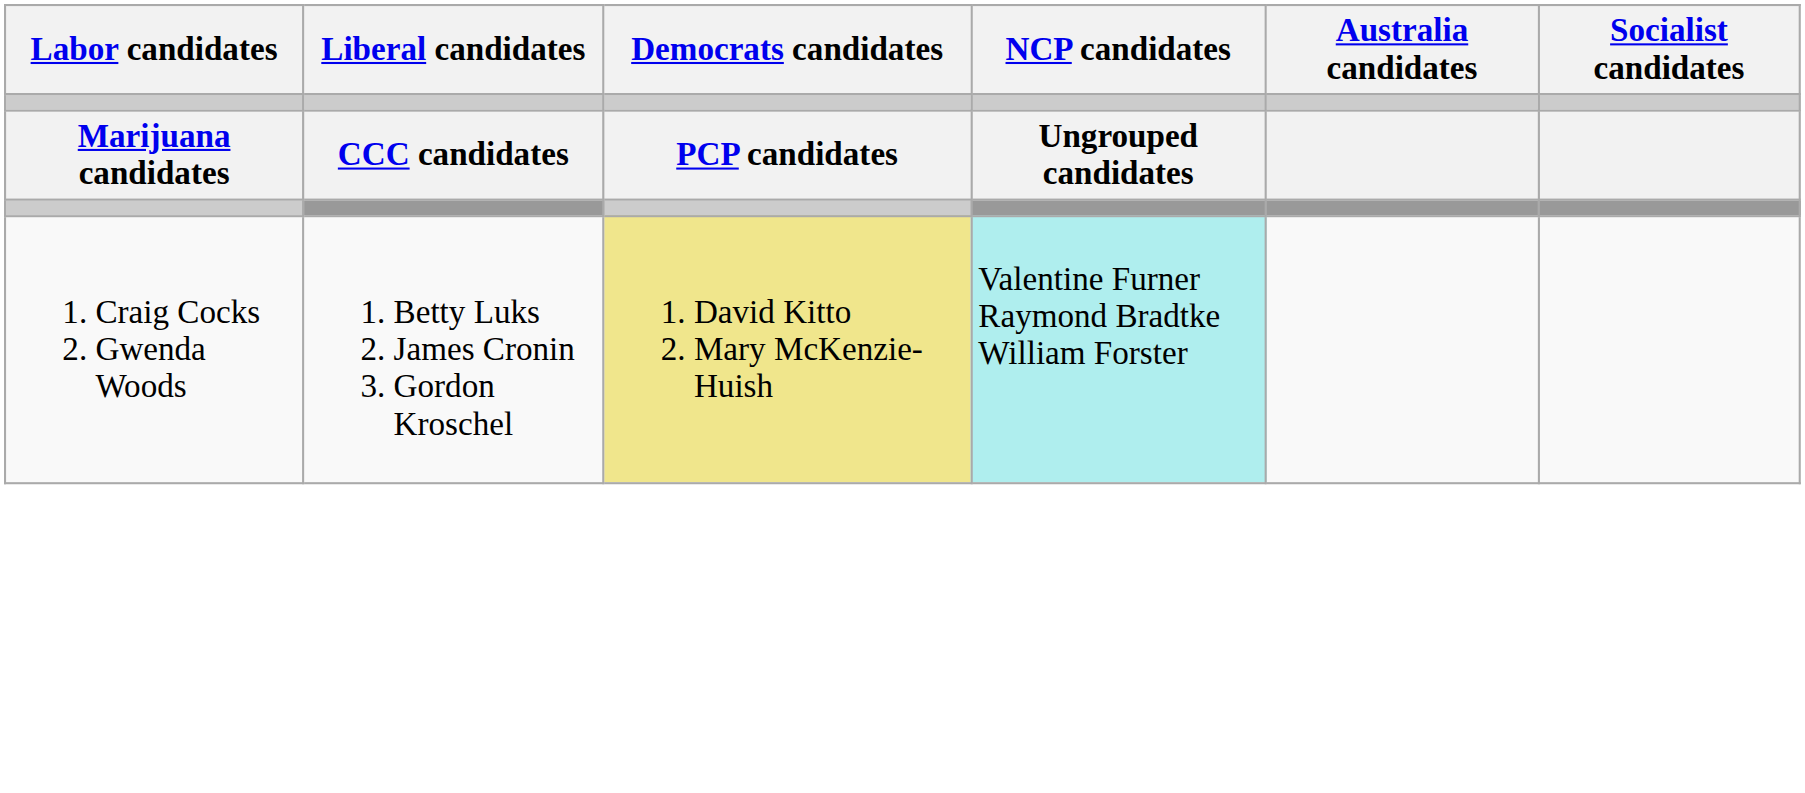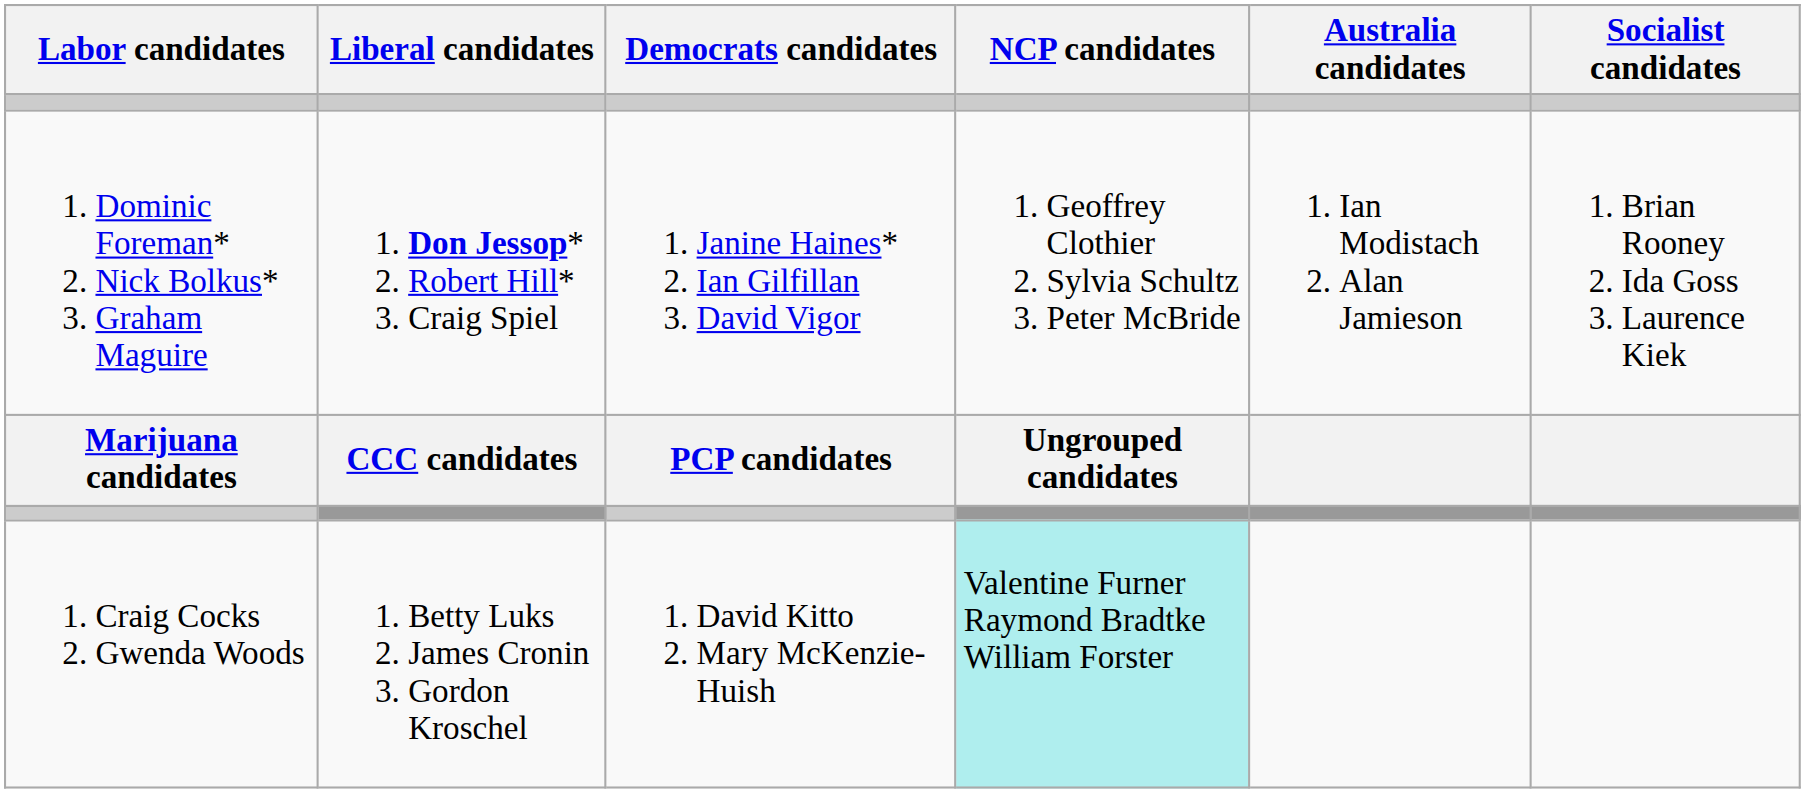 <table class="wikitable">
 <tr>
 <th><a href='#'>Labor</a> candidates</th>
 <th><a href='#'>Liberal</a> candidates</th>
 <th><a href='#'>Democrats</a> candidates</th>
 <th><a href='#'>NCP</a> candidates</th>
 <th><a href='#'>Australia</a> candidates</th>
 <th><a href='#'>Socialist</a> candidates</th>
 </tr>
 <tr bgcolor="#cccccc">
 <td></td>
 <td></td>
 <td></td>
 <td></td>
 <td></td>
 <td></td>
+</tr>
+<tr>
+<td><br><ol><li><a href='#'>Dominic Foreman</a>*</li><li><a href='#'>Nick Bolkus</a>*</li><li><a href='#'>Graham Maguire</a></li></ol></td>
+<td><br><ol><li><strong><a href='#'>Don Jessop</a></strong>*</li><li><a href='#'>Robert Hill</a>*</li><li>Craig Spiel</li></ol></td>
+<td><br><ol><li><a href='#'>Janine Haines</a>*</li><li><a href='#'>Ian Gilfillan</a></li><li><a href='#'>David Vigor</a></li></ol></td>
+<td valign=top><br><ol><li>Geoffrey Clothier</li><li>Sylvia Schultz</li><li>Peter McBride</li></ol></td>
+<td valign=top><br><ol><li>Ian Modistach</li><li>Alan Jamieson</li></ol></td>
+<td valign=top><br><ol><li>Brian Rooney</li><li>Ida Goss</li><li>Laurence Kiek</li></ol></td>
 </tr>
 <tr bgcolor="#cccccc">
 <th><a href='#'>Marijuana</a> candidates</th>
 <th><a href='#'>CCC</a> candidates</th>
 <th><a href='#'>PCP</a> candidates</th>
 <th>Ungrouped candidates</th>
 <th></th>
 <th></th>
 </tr>
 <tr bgcolor="#cccccc">
 <td></td>
 <td bgcolor="#999999"></td>
 <td></td>
 <td bgcolor="#999999"></td>
 <td bgcolor="#999999"></td>
 <td bgcolor="#999999"></td>
 </tr>
 <tr>
 <td valign=top><br><ol><li>Craig Cocks</li><li>Gwenda Woods</li></ol></td>
 <td valign=top><br><ol><li>Betty Luks</li><li>James Cronin</li><li>Gordon Kroschel</li></ol></td>
-<td valign=top style="background: khaki;"><br><ol><li>David Kitto</li><li>Mary McKenzie-Huish</li></ol></td>
+<td valign=top><br><ol><li>David Kitto</li><li>Mary McKenzie-Huish</li></ol></td>
 <td valign=top style="background: paleturquoise;"><br>Valentine Furner<br> Raymond Bradtke<br> William Forster<br></td>
 <td valign=top></td>
 <td valign=top></td>
 </tr>
 </table>
